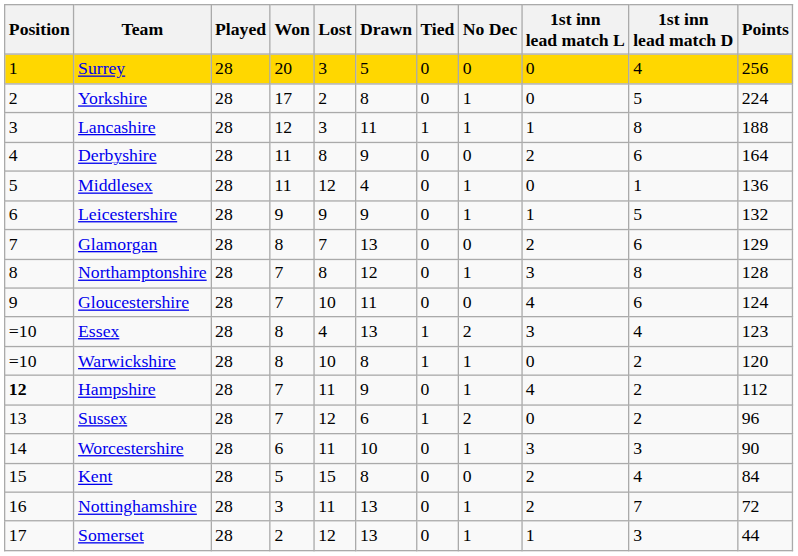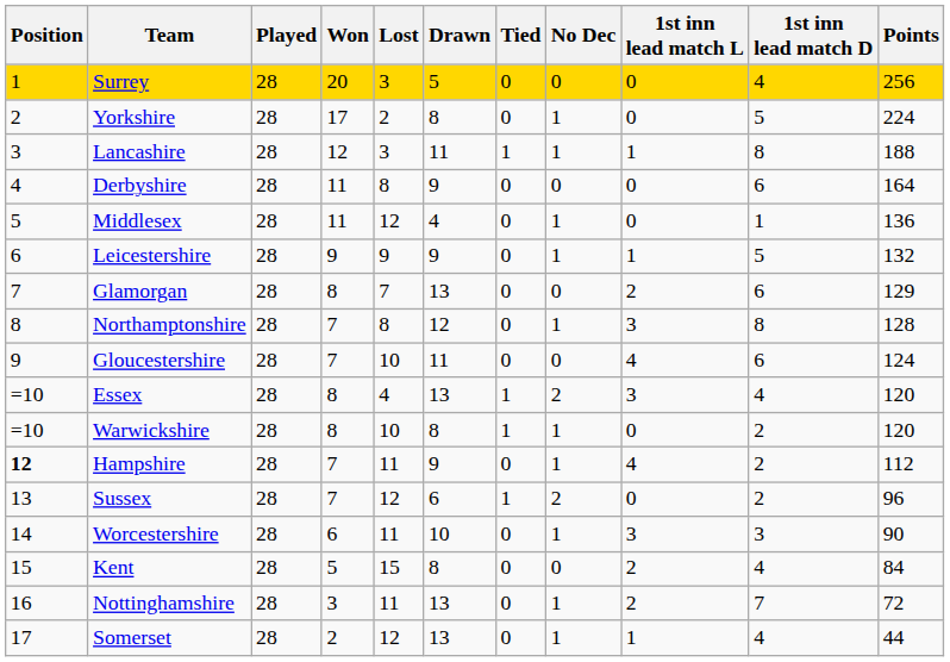 <table class="wikitable" style="font-size:85%;">
 <tr>
 <th>Position</th>
 <th>Team</th>
 <th>Played</th>
 <th>Won</th>
 <th>Lost</th>
 <th>Drawn</th>
 <th>Tied</th>
 <th>No Dec</th>
 <th>1st inn<br>lead match L</th>
 <th>1st inn<br>lead match D</th>
 <th>Points</th>
 </tr>
 <tr>
 <td bgcolor="gold">1</td>
 <td bgcolor="gold"><a href='#'>Surrey</a></td>
 <td bgcolor="gold">28</td>
 <td bgcolor="gold">20</td>
 <td bgcolor="gold">3</td>
 <td bgcolor="gold">5</td>
 <td bgcolor="gold">0</td>
 <td bgcolor="gold">0</td>
 <td bgcolor="gold">0</td>
 <td bgcolor="gold">4</td>
 <td bgcolor="gold">256</td>
 </tr>
 <tr>
 <td>2</td>
 <td><a href='#'>Yorkshire</a></td>
 <td>28</td>
 <td>17</td>
 <td>2</td>
 <td>8</td>
 <td>0</td>
 <td>1</td>
 <td>0</td>
 <td>5</td>
 <td>224</td>
 </tr>
 <tr>
 <td>3</td>
 <td><a href='#'>Lancashire</a></td>
 <td>28</td>
 <td>12</td>
 <td>3</td>
 <td>11</td>
 <td>1</td>
 <td>1</td>
 <td>1</td>
 <td>8</td>
 <td>188</td>
 </tr>
 <tr>
 <td>4</td>
 <td><a href='#'>Derbyshire</a></td>
 <td>28</td>
 <td>11</td>
 <td>8</td>
 <td>9</td>
 <td>0</td>
 <td>0</td>
-<td>2</td>
+<td>0</td>
 <td>6</td>
 <td>164</td>
 </tr>
 <tr>
 <td>5</td>
 <td><a href='#'>Middlesex</a></td>
 <td>28</td>
 <td>11</td>
 <td>12</td>
 <td>4</td>
 <td>0</td>
 <td>1</td>
 <td>0</td>
 <td>1</td>
 <td>136</td>
 </tr>
 <tr>
 <td>6</td>
 <td><a href='#'>Leicestershire</a></td>
 <td>28</td>
 <td>9</td>
 <td>9</td>
 <td>9</td>
 <td>0</td>
 <td>1</td>
 <td>1</td>
 <td>5</td>
 <td>132</td>
 </tr>
 <tr>
 <td>7</td>
 <td><a href='#'>Glamorgan</a></td>
 <td>28</td>
 <td>8</td>
 <td>7</td>
 <td>13</td>
 <td>0</td>
 <td>0</td>
 <td>2</td>
 <td>6</td>
 <td>129</td>
 </tr>
 <tr>
 <td>8</td>
 <td><a href='#'>Northamptonshire</a></td>
 <td>28</td>
 <td>7</td>
 <td>8</td>
 <td>12</td>
 <td>0</td>
 <td>1</td>
 <td>3</td>
 <td>8</td>
 <td>128</td>
 </tr>
 <tr>
 <td>9</td>
 <td><a href='#'>Gloucestershire</a></td>
 <td>28</td>
 <td>7</td>
 <td>10</td>
 <td>11</td>
 <td>0</td>
 <td>0</td>
 <td>4</td>
 <td>6</td>
 <td>124</td>
 </tr>
 <tr>
 <td>=10</td>
 <td><a href='#'>Essex</a></td>
 <td>28</td>
 <td>8</td>
 <td>4</td>
 <td>13</td>
 <td>1</td>
 <td>2</td>
 <td>3</td>
 <td>4</td>
-<td>123</td>
+<td>120</td>
 </tr>
 <tr>
 <td>=10</td>
 <td><a href='#'>Warwickshire</a></td>
 <td>28</td>
 <td>8</td>
 <td>10</td>
 <td>8</td>
 <td>1</td>
 <td>1</td>
 <td>0</td>
 <td>2</td>
 <td>120</td>
 </tr>
 <tr>
 <td><strong>12</strong></td>
 <td><a href='#'>Hampshire</a></td>
 <td>28</td>
 <td>7</td>
 <td>11</td>
 <td>9</td>
 <td>0</td>
 <td>1</td>
 <td>4</td>
 <td>2</td>
 <td>112</td>
 </tr>
 <tr>
 <td>13</td>
 <td><a href='#'>Sussex</a></td>
 <td>28</td>
 <td>7</td>
 <td>12</td>
 <td>6</td>
 <td>1</td>
 <td>2</td>
 <td>0</td>
 <td>2</td>
 <td>96</td>
 </tr>
 <tr>
 <td>14</td>
 <td><a href='#'>Worcestershire</a></td>
 <td>28</td>
 <td>6</td>
 <td>11</td>
 <td>10</td>
 <td>0</td>
 <td>1</td>
 <td>3</td>
 <td>3</td>
 <td>90</td>
 </tr>
 <tr>
 <td>15</td>
 <td><a href='#'>Kent</a></td>
 <td>28</td>
 <td>5</td>
 <td>15</td>
 <td>8</td>
 <td>0</td>
 <td>0</td>
 <td>2</td>
 <td>4</td>
 <td>84</td>
 </tr>
 <tr>
 <td>16</td>
 <td><a href='#'>Nottinghamshire</a></td>
 <td>28</td>
 <td>3</td>
 <td>11</td>
 <td>13</td>
 <td>0</td>
 <td>1</td>
 <td>2</td>
 <td>7</td>
 <td>72</td>
 </tr>
 <tr>
 <td>17</td>
 <td><a href='#'>Somerset</a></td>
 <td>28</td>
 <td>2</td>
 <td>12</td>
 <td>13</td>
 <td>0</td>
 <td>1</td>
 <td>1</td>
-<td>3</td>
+<td>4</td>
 <td>44</td>
 </tr>
 </table>
